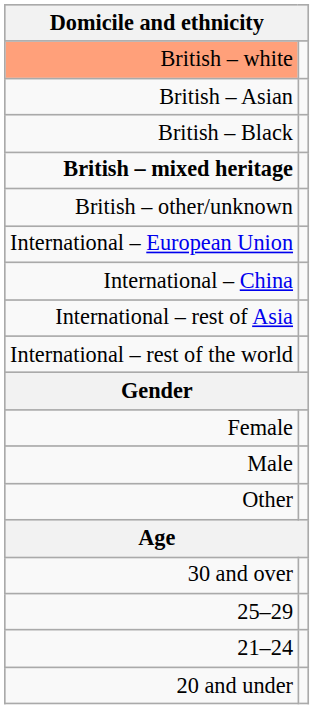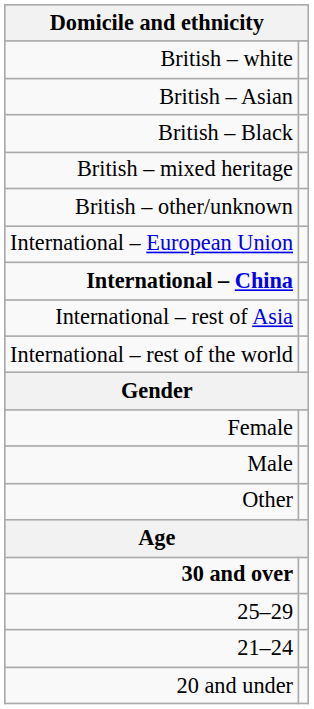 <table class="wikitable floatright collapsible mw-collapsible mw-collapsed"; style="font-size:85%; text-align:right;">
 <tr>
 <th colspan="3">Domicile and ethnicity</th>
 </tr>
 <tr>
-<td style="background: lightsalmon;">British – white</td>
+<td>British – white</td>
 <td align=right></td>
 </tr>
 <tr>
 <td>British – Asian</td>
 <td align=right></td>
 </tr>
 <tr>
 <td>British – Black</td>
 <td align=right></td>
 </tr>
 <tr>
-<td><strong>British – mixed heritage</strong></td>
+<td>British – mixed heritage</td>
 <td align=right></td>
 </tr>
 <tr>
 <td>British – other/unknown</td>
 <td align=right></td>
 </tr>
 <tr>
 <td>International – <a href='#'>European Union</a></td>
 <td align=right></td>
 </tr>
 <tr>
-<td>International – <a href='#'>China</a></td>
+<td><strong>International – <a href='#'>China</a></strong></td>
 <td align=right></td>
 </tr>
 <tr>
 <td>International – rest of <a href='#'>Asia</a></td>
 <td align=right></td>
 </tr>
 <tr>
 <td>International – rest of the world</td>
 <td align=right></td>
 </tr>
 <tr>
 <th colspan="3">Gender</th>
 </tr>
 <tr>
 <td>Female</td>
 <td align=right></td>
 </tr>
 <tr>
 <td>Male</td>
 <td align=right></td>
 </tr>
 <tr>
 <td>Other</td>
 <td align=right></td>
 </tr>
 <tr>
 <th colspan="3">Age</th>
 </tr>
 <tr>
-<td>30 and over</td>
+<td><strong>30 and over</strong></td>
 <td align=right></td>
 </tr>
 <tr>
 <td>25–29</td>
 <td align=right></td>
 </tr>
 <tr>
 <td>21–24</td>
 <td align=right></td>
 </tr>
 <tr>
 <td>20 and under</td>
 <td align=right></td>
 </tr>
 </table>
